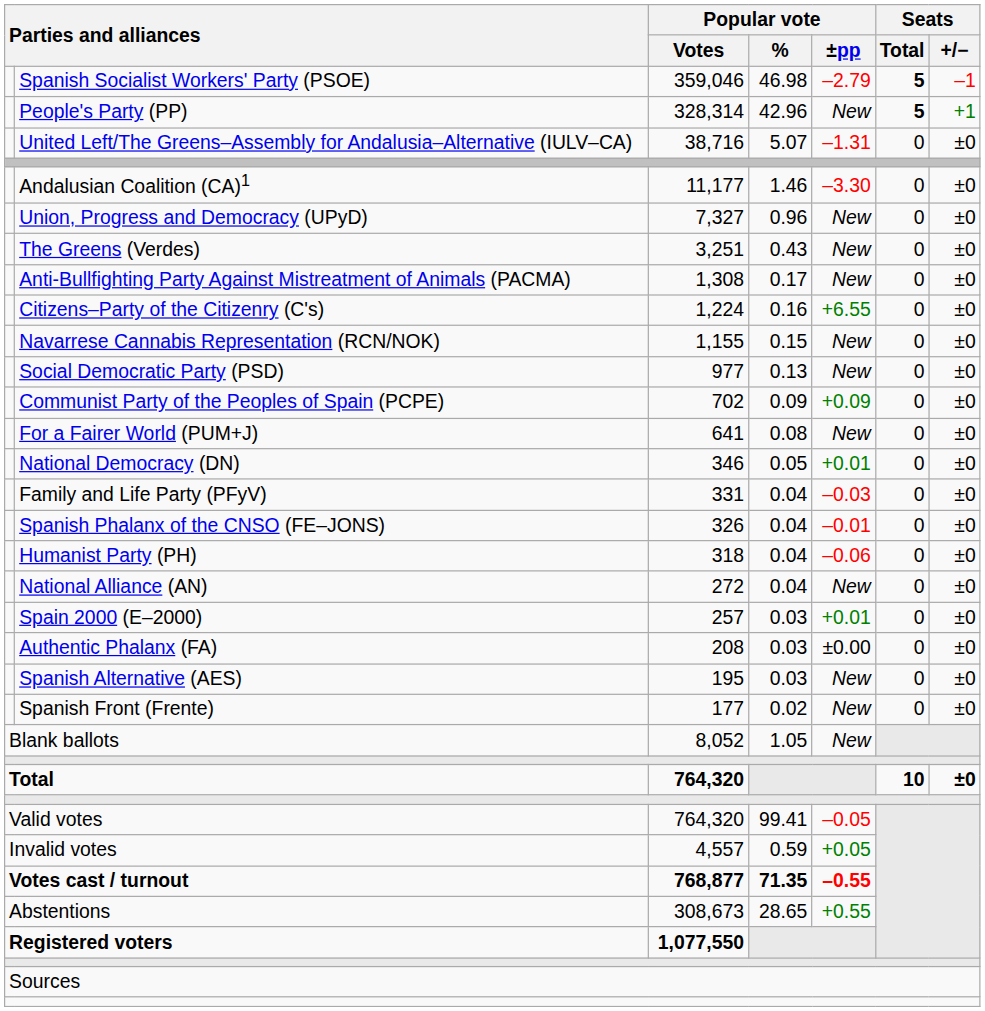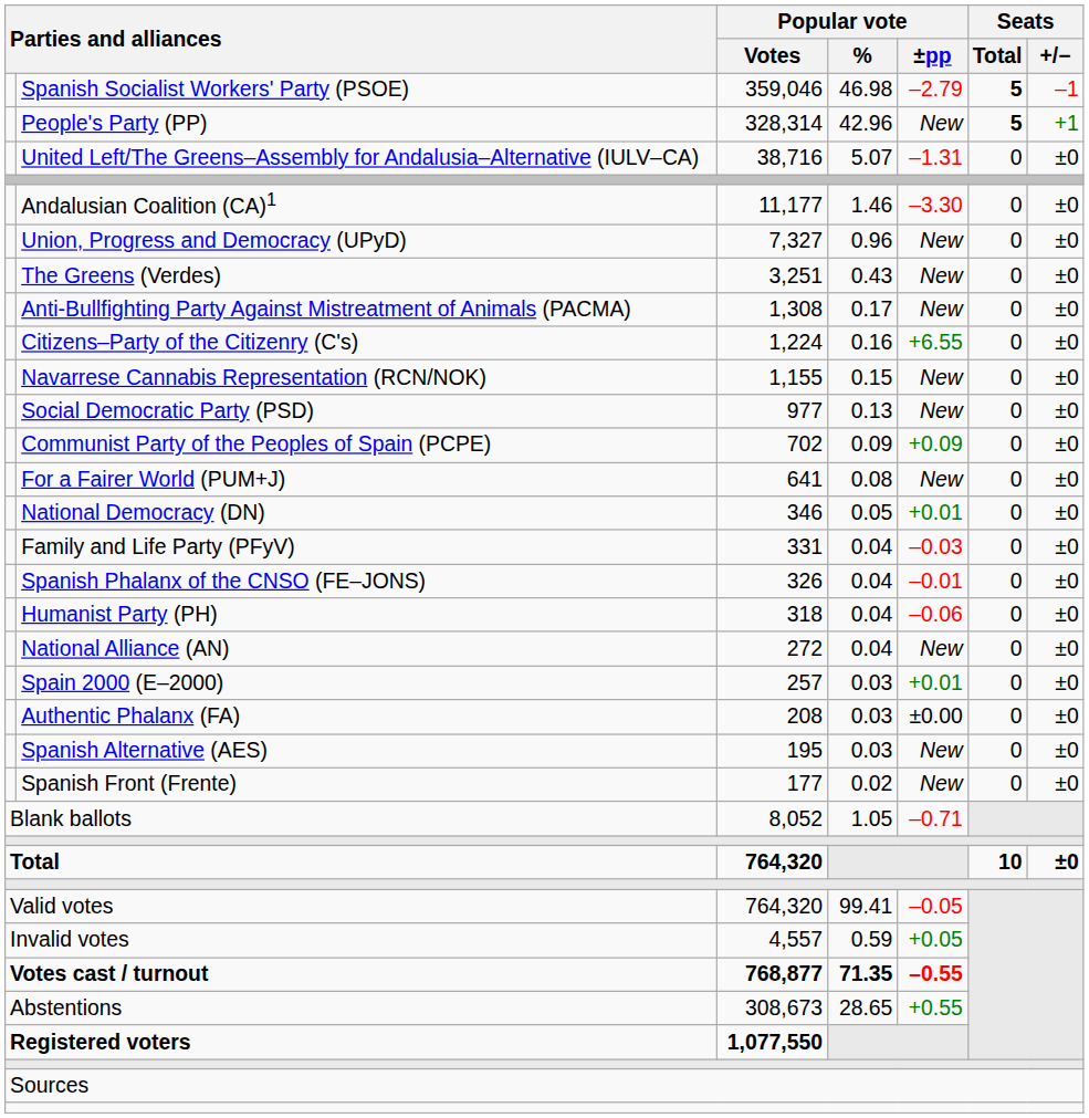 <table class="wikitable" style="text-align:right;">
 <tr>
 <th style="text-align:left;" rowspan="2" colspan="2" width="525">Parties and alliances</th>
 <th colspan="3">Popular vote</th>
 <th colspan="2">Seats</th>
 </tr>
 <tr>
 <th width="75">Votes</th>
 <th width="45">%</th>
 <th width="45">±<a href='#'>pp</a></th>
 <th width="35">Total</th>
 <th width="35">+/−</th>
 </tr>
 <tr>
 <td width="1" style="color:inherit;background:"></td>
 <td align="left"><a href='#'>Spanish Socialist Workers' Party</a> (PSOE)</td>
 <td>359,046</td>
 <td>46.98</td>
 <td style="color:red;">–2.79</td>
 <td><strong>5</strong></td>
 <td style="color:red;">–1</td>
 </tr>
 <tr>
 <td style="color:inherit;background:"></td>
 <td align="left"><a href='#'>People's Party</a> (PP)</td>
 <td>328,314</td>
 <td>42.96</td>
 <td><em>New</em></td>
 <td><strong>5</strong></td>
 <td style="color:green;">+1</td>
 </tr>
 <tr>
 <td style="color:inherit;background:"></td>
 <td align="left"><a href='#'>United Left/The Greens–Assembly for Andalusia–Alternative</a> (IULV–CA)</td>
 <td>38,716</td>
 <td>5.07</td>
 <td style="color:red;">–1.31</td>
 <td>0</td>
 <td>±0</td>
 </tr>
 <tr>
 <td colspan="7" bgcolor="#C0C0C0"></td>
 </tr>
 <tr>
 <td style="color:inherit;background:"></td>
 <td align="left">Andalusian Coalition (CA)<sup>1</sup></td>
 <td>11,177</td>
 <td>1.46</td>
 <td style="color:red;">–3.30</td>
 <td>0</td>
 <td>±0</td>
 </tr>
 <tr>
 <td style="color:inherit;background:"></td>
 <td align="left"><a href='#'>Union, Progress and Democracy</a> (UPyD)</td>
 <td>7,327</td>
 <td>0.96</td>
 <td><em>New</em></td>
 <td>0</td>
 <td>±0</td>
 </tr>
 <tr>
 <td style="color:inherit;background:"></td>
 <td align="left"><a href='#'>The Greens</a> (Verdes)</td>
 <td>3,251</td>
 <td>0.43</td>
 <td><em>New</em></td>
 <td>0</td>
 <td>±0</td>
 </tr>
 <tr>
 <td style="color:inherit;background:"></td>
 <td align="left"><a href='#'>Anti-Bullfighting Party Against Mistreatment of Animals</a> (PACMA)</td>
 <td>1,308</td>
 <td>0.17</td>
 <td><em>New</em></td>
 <td>0</td>
 <td>±0</td>
 </tr>
 <tr>
 <td style="color:inherit;background:"></td>
 <td align="left"><a href='#'>Citizens–Party of the Citizenry</a> (C's)</td>
 <td>1,224</td>
 <td>0.16</td>
 <td style="color:green;">+6.55</td>
 <td>0</td>
 <td>±0</td>
 </tr>
 <tr>
 <td style="color:inherit;background:"></td>
 <td align="left"><a href='#'>Navarrese Cannabis Representation</a> (RCN/NOK)</td>
 <td>1,155</td>
 <td>0.15</td>
 <td><em>New</em></td>
 <td>0</td>
 <td>±0</td>
 </tr>
 <tr>
 <td style="color:inherit;background:"></td>
 <td align="left"><a href='#'>Social Democratic Party</a> (PSD)</td>
 <td>977</td>
 <td>0.13</td>
 <td><em>New</em></td>
 <td>0</td>
 <td>±0</td>
 </tr>
 <tr>
 <td style="color:inherit;background:"></td>
 <td align="left"><a href='#'>Communist Party of the Peoples of Spain</a> (PCPE)</td>
 <td>702</td>
 <td>0.09</td>
 <td style="color:green;">+0.09</td>
 <td>0</td>
 <td>±0</td>
 </tr>
 <tr>
 <td style="color:inherit;background:"></td>
 <td align="left"><a href='#'>For a Fairer World</a> (PUM+J)</td>
 <td>641</td>
 <td>0.08</td>
 <td><em>New</em></td>
 <td>0</td>
 <td>±0</td>
 </tr>
 <tr>
 <td style="color:inherit;background:"></td>
 <td align="left"><a href='#'>National Democracy</a> (DN)</td>
 <td>346</td>
 <td>0.05</td>
 <td style="color:green;">+0.01</td>
 <td>0</td>
 <td>±0</td>
 </tr>
 <tr>
 <td style="color:inherit;background:"></td>
 <td align="left">Family and Life Party (PFyV)</td>
 <td>331</td>
 <td>0.04</td>
 <td style="color:red;">–0.03</td>
 <td>0</td>
 <td>±0</td>
 </tr>
 <tr>
 <td style="color:inherit;background:"></td>
 <td align="left"><a href='#'>Spanish Phalanx of the CNSO</a> (FE–JONS)</td>
 <td>326</td>
 <td>0.04</td>
 <td style="color:red;">–0.01</td>
 <td>0</td>
 <td>±0</td>
 </tr>
 <tr>
 <td style="color:inherit;background:"></td>
 <td align="left"><a href='#'>Humanist Party</a> (PH)</td>
 <td>318</td>
 <td>0.04</td>
 <td style="color:red;">–0.06</td>
 <td>0</td>
 <td>±0</td>
 </tr>
 <tr>
 <td style="color:inherit;background:"></td>
 <td align="left"><a href='#'>National Alliance</a> (AN)</td>
 <td>272</td>
 <td>0.04</td>
 <td><em>New</em></td>
 <td>0</td>
 <td>±0</td>
 </tr>
 <tr>
 <td style="color:inherit;background:"></td>
 <td align="left"><a href='#'>Spain 2000</a> (E–2000)</td>
 <td>257</td>
 <td>0.03</td>
 <td style="color:green;">+0.01</td>
 <td>0</td>
 <td>±0</td>
 </tr>
 <tr>
 <td style="color:inherit;background:"></td>
 <td align="left"><a href='#'>Authentic Phalanx</a> (FA)</td>
 <td>208</td>
 <td>0.03</td>
 <td>±0.00</td>
 <td>0</td>
 <td>±0</td>
 </tr>
 <tr>
 <td style="color:inherit;background:"></td>
 <td align="left"><a href='#'>Spanish Alternative</a> (AES)</td>
 <td>195</td>
 <td>0.03</td>
 <td><em>New</em></td>
 <td>0</td>
 <td>±0</td>
 </tr>
 <tr>
 <td style="color:inherit;background:"></td>
 <td align="left">Spanish Front (Frente)</td>
 <td>177</td>
 <td>0.02</td>
 <td><em>New</em></td>
 <td>0</td>
 <td>±0</td>
 </tr>
 <tr>
 <td align="left" colspan="2">Blank ballots</td>
 <td>8,052</td>
 <td>1.05</td>
-<td><em>New</em></td>
+<td style="color:red;">–0.71</td>
 <td bgcolor="#E9E9E9" colspan="2"></td>
 </tr>
 <tr>
 <td colspan="7" bgcolor="#E9E9E9"></td>
 </tr>
 <tr style="font-weight:bold;">
 <td align="left" colspan="2">Total</td>
 <td>764,320</td>
 <td bgcolor="#E9E9E9" colspan="2"></td>
 <td>10</td>
 <td>±0</td>
 </tr>
 <tr>
 <td colspan="7" bgcolor="#E9E9E9"></td>
 </tr>
 <tr>
 <td align="left" colspan="2">Valid votes</td>
 <td>764,320</td>
 <td>99.41</td>
 <td style="color:red;">–0.05</td>
 <td bgcolor="#E9E9E9" colspan="2" rowspan="5"></td>
 </tr>
 <tr>
 <td align="left" colspan="2">Invalid votes</td>
 <td>4,557</td>
 <td>0.59</td>
 <td style="color:green;">+0.05</td>
 </tr>
 <tr style="font-weight:bold;">
 <td align="left" colspan="2">Votes cast / turnout</td>
 <td>768,877</td>
 <td>71.35</td>
 <td style="color:red;">–0.55</td>
 </tr>
 <tr>
 <td align="left" colspan="2">Abstentions</td>
 <td>308,673</td>
 <td>28.65</td>
 <td style="color:green;">+0.55</td>
 </tr>
 <tr style="font-weight:bold;">
 <td align="left" colspan="2">Registered voters</td>
 <td>1,077,550</td>
 <td bgcolor="#E9E9E9" colspan="2"></td>
 </tr>
 <tr>
 <td colspan="7" bgcolor="#E9E9E9"></td>
 </tr>
 <tr>
 <td align="left" colspan="7">Sources</td>
 </tr>
 <tr>
 <td colspan="7" style="text-align:left; max-width:790px;"></td>
 </tr>
 </table>
